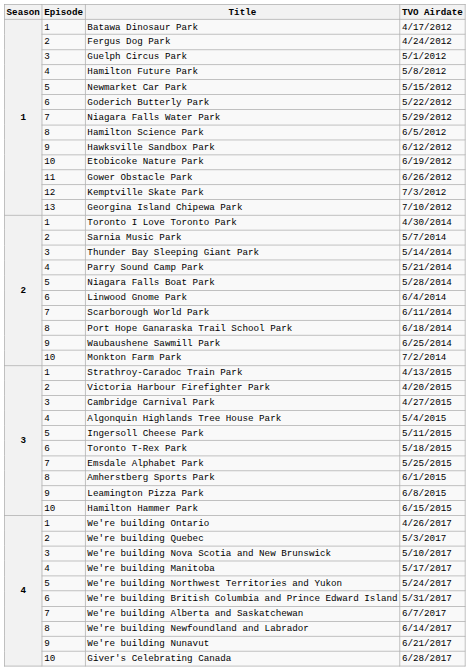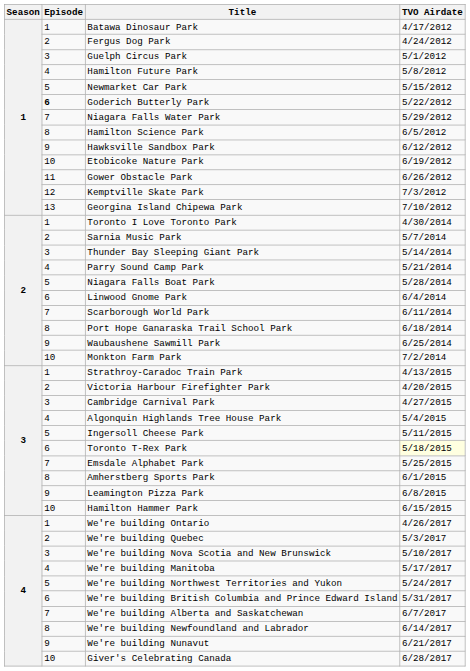 <table class="wikitable">
 <tr>
 <th>Season</th>
 <th>Episode</th>
 <th>Title</th>
 <th>TVO Airdate</th>
 </tr>
 <tr>
 <th rowspan="13"><strong>1</strong></th>
 <td>1</td>
 <td>Batawa Dinosaur Park</td>
 <td>4/17/2012</td>
 </tr>
 <tr>
 <td>2</td>
 <td>Fergus Dog Park</td>
 <td>4/24/2012</td>
 </tr>
 <tr>
 <td>3</td>
 <td>Guelph Circus Park</td>
 <td>5/1/2012</td>
 </tr>
 <tr>
 <td>4</td>
 <td>Hamilton Future Park</td>
 <td>5/8/2012</td>
 </tr>
 <tr>
 <td>5</td>
 <td>Newmarket Car Park</td>
 <td>5/15/2012</td>
 </tr>
 <tr>
-<td>6</td>
+<td><strong>6</strong></td>
 <td>Goderich Butterly Park</td>
 <td>5/22/2012</td>
 </tr>
 <tr>
 <td>7</td>
 <td>Niagara Falls Water Park</td>
 <td>5/29/2012</td>
 </tr>
 <tr>
 <td>8</td>
 <td>Hamilton Science Park</td>
 <td>6/5/2012</td>
 </tr>
 <tr>
 <td>9</td>
 <td>Hawksville Sandbox Park</td>
 <td>6/12/2012</td>
 </tr>
 <tr>
 <td>10</td>
 <td>Etobicoke Nature Park</td>
 <td>6/19/2012</td>
 </tr>
 <tr>
 <td>11</td>
 <td>Gower Obstacle Park</td>
 <td>6/26/2012</td>
 </tr>
 <tr>
 <td>12</td>
 <td>Kemptville Skate Park</td>
 <td>7/3/2012</td>
 </tr>
 <tr>
 <td>13</td>
 <td>Georgina Island Chipewa Park</td>
 <td>7/10/2012</td>
 </tr>
 <tr>
 <th rowspan="10"><strong>2</strong></th>
 <td>1</td>
 <td>Toronto I Love Toronto Park</td>
 <td>4/30/2014</td>
 </tr>
 <tr>
 <td>2</td>
 <td>Sarnia Music Park</td>
 <td>5/7/2014</td>
 </tr>
 <tr>
 <td>3</td>
 <td>Thunder Bay Sleeping Giant Park</td>
 <td>5/14/2014</td>
 </tr>
 <tr>
 <td>4</td>
 <td>Parry Sound Camp Park</td>
 <td>5/21/2014</td>
 </tr>
 <tr>
 <td>5</td>
 <td>Niagara Falls Boat Park</td>
 <td>5/28/2014</td>
 </tr>
 <tr>
 <td>6</td>
 <td>Linwood Gnome Park</td>
 <td>6/4/2014</td>
 </tr>
 <tr>
 <td>7</td>
 <td>Scarborough World Park</td>
 <td>6/11/2014</td>
 </tr>
 <tr>
 <td>8</td>
 <td>Port Hope Ganaraska Trail School Park</td>
 <td>6/18/2014</td>
 </tr>
 <tr>
 <td>9</td>
 <td>Waubaushene Sawmill Park</td>
 <td>6/25/2014</td>
 </tr>
 <tr>
 <td>10</td>
 <td>Monkton Farm Park</td>
 <td>7/2/2014</td>
 </tr>
 <tr>
 <th rowspan="10"><strong>3</strong></th>
 <td>1</td>
 <td>Strathroy-Caradoc Train Park</td>
 <td>4/13/2015</td>
 </tr>
 <tr>
 <td>2</td>
 <td>Victoria Harbour Firefighter Park</td>
 <td>4/20/2015</td>
 </tr>
 <tr>
 <td>3</td>
 <td>Cambridge Carnival Park</td>
 <td>4/27/2015</td>
 </tr>
 <tr>
 <td>4</td>
 <td>Algonquin Highlands Tree House Park</td>
 <td>5/4/2015</td>
 </tr>
 <tr>
 <td>5</td>
 <td>Ingersoll Cheese Park</td>
 <td>5/11/2015</td>
 </tr>
 <tr>
 <td>6</td>
 <td>Toronto T-Rex Park</td>
-<td>5/18/2015</td>
+<td style="background: lightyellow;">5/18/2015</td>
 </tr>
 <tr>
 <td>7</td>
 <td>Emsdale Alphabet Park</td>
 <td>5/25/2015</td>
 </tr>
 <tr>
 <td>8</td>
 <td>Amherstberg Sports Park</td>
 <td>6/1/2015</td>
 </tr>
 <tr>
 <td>9</td>
 <td>Leamington Pizza Park</td>
 <td>6/8/2015</td>
 </tr>
 <tr>
 <td>10</td>
 <td>Hamilton Hammer Park</td>
 <td>6/15/2015</td>
 </tr>
 <tr>
 <th rowspan="10"><strong>4</strong></th>
 <td>1</td>
 <td>We're building Ontario</td>
 <td>4/26/2017</td>
 </tr>
 <tr>
 <td>2</td>
 <td>We're building Quebec</td>
 <td>5/3/2017</td>
 </tr>
 <tr>
 <td>3</td>
 <td>We're building Nova Scotia and New Brunswick</td>
 <td>5/10/2017</td>
 </tr>
 <tr>
 <td>4</td>
 <td>We're building Manitoba</td>
 <td>5/17/2017</td>
 </tr>
 <tr>
 <td>5</td>
 <td>We're building Northwest Territories and Yukon</td>
 <td>5/24/2017</td>
 </tr>
 <tr>
 <td>6</td>
 <td>We're building British Columbia and Prince Edward Island</td>
 <td>5/31/2017</td>
 </tr>
 <tr>
 <td>7</td>
 <td>We're building Alberta and Saskatchewan</td>
 <td>6/7/2017</td>
 </tr>
 <tr>
 <td>8</td>
 <td>We're building Newfoundland and Labrador</td>
 <td>6/14/2017</td>
 </tr>
 <tr>
 <td>9</td>
 <td>We're building Nunavut</td>
 <td>6/21/2017</td>
 </tr>
 <tr>
 <td>10</td>
 <td>Giver's Celebrating Canada</td>
 <td>6/28/2017</td>
 </tr>
 </table>
